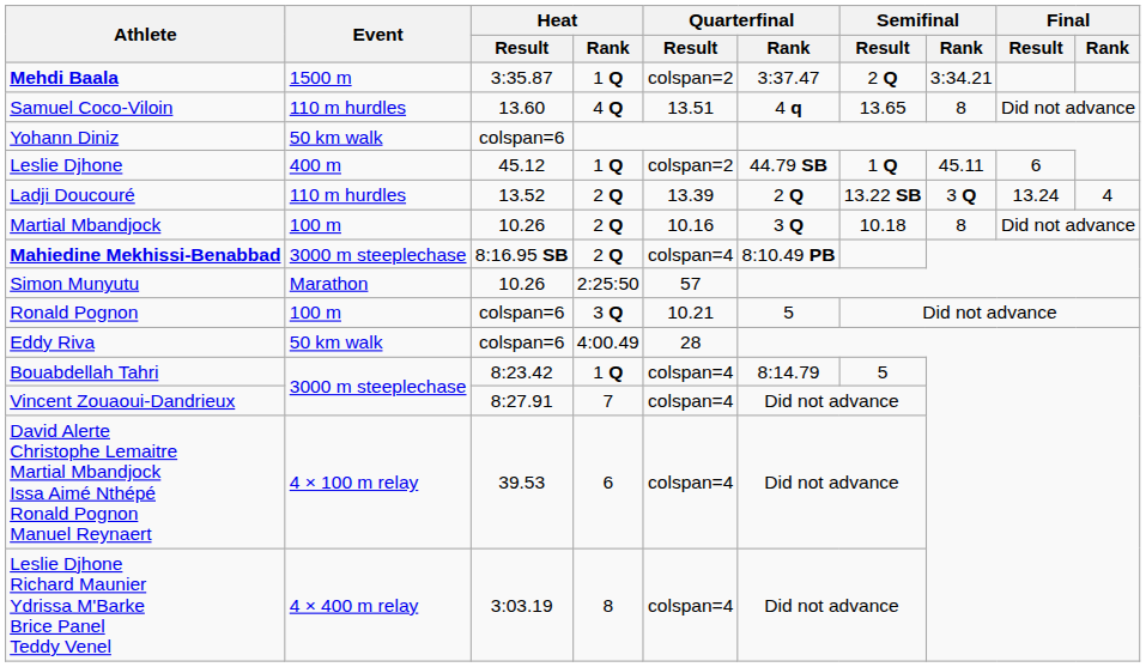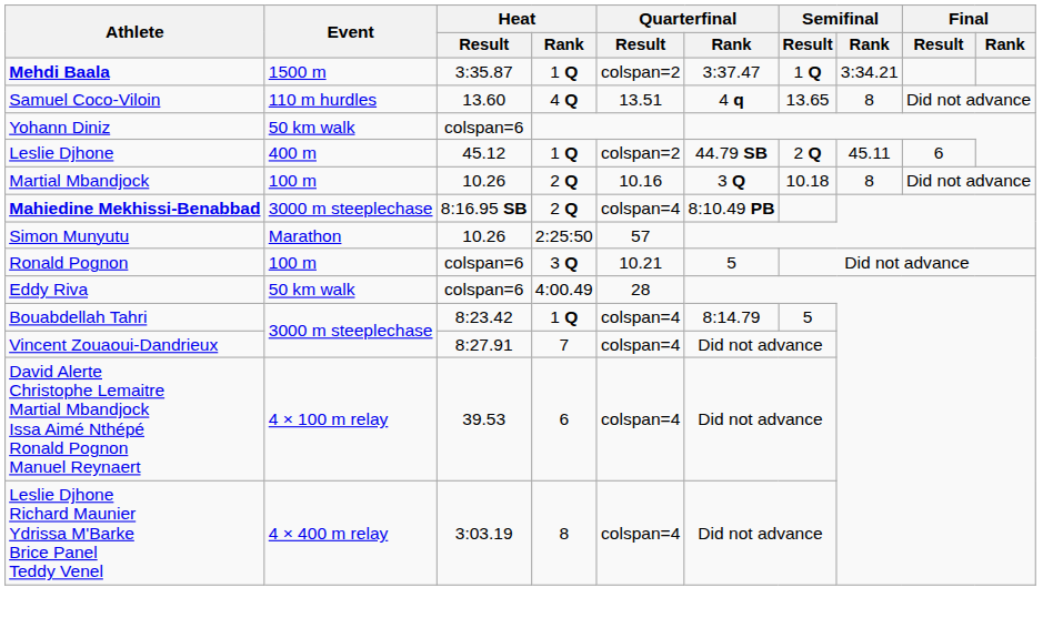 <table class=wikitable style="font-size:90%">
 <tr>
 <th rowspan="2">Athlete</th>
 <th rowspan="2">Event</th>
 <th colspan="2">Heat</th>
 <th colspan="2">Quarterfinal</th>
 <th colspan="2">Semifinal</th>
 <th colspan="2">Final</th>
 </tr>
 <tr style="font-size:95%">
 <th>Result</th>
 <th>Rank</th>
 <th>Result</th>
 <th>Rank</th>
 <th>Result</th>
 <th>Rank</th>
 <th>Result</th>
 <th>Rank</th>
 </tr>
 <tr align=center>
 <td align=left><strong><a href='#'>Mehdi Baala</a></strong></td>
 <td align=left><a href='#'>1500 m</a></td>
 <td>3:35.87</td>
 <td>1 <strong>Q</strong></td>
 <td>colspan=2 </td>
 <td>3:37.47</td>
-<td>2 <strong>Q</strong></td>
+<td>1 <strong>Q</strong></td>
 <td>3:34.21</td>
 <td></td>
 </tr>
 <tr align=center>
 <td align=left><a href='#'>Samuel Coco-Viloin</a></td>
 <td align=left><a href='#'>110 m hurdles</a></td>
 <td>13.60</td>
 <td>4 <strong>Q</strong></td>
 <td>13.51</td>
 <td>4 <strong>q</strong></td>
 <td>13.65</td>
 <td>8</td>
 <td colspan=2>Did not advance</td>
 </tr>
 <tr align=center>
 <td align=left><a href='#'>Yohann Diniz</a></td>
 <td align=left><a href='#'>50 km walk</a></td>
 <td>colspan=6 </td>
 <td colspan=2></td>
 </tr>
 <tr align=center>
 <td align=left><a href='#'>Leslie Djhone</a></td>
 <td align=left><a href='#'>400 m</a></td>
 <td>45.12</td>
 <td>1 <strong>Q</strong></td>
 <td>colspan=2 </td>
 <td>44.79 <strong>SB</strong></td>
-<td>1 <strong>Q</strong></td>
+<td>2 <strong>Q</strong></td>
 <td>45.11</td>
 <td>6</td>
-</tr>
-<tr align=center>
-<td align=left><a href='#'>Ladji Doucouré</a></td>
-<td align=left><a href='#'>110 m hurdles</a></td>
-<td>13.52</td>
-<td>2 <strong>Q</strong></td>
-<td>13.39</td>
-<td>2 <strong>Q</strong></td>
-<td>13.22 <strong>SB</strong></td>
-<td>3 <strong>Q</strong></td>
-<td>13.24</td>
-<td>4</td>
 </tr>
 <tr align=center>
 <td align=left><a href='#'>Martial Mbandjock</a></td>
 <td align=left><a href='#'>100 m</a></td>
 <td>10.26</td>
 <td>2 <strong>Q</strong></td>
 <td>10.16</td>
 <td>3 <strong>Q</strong></td>
 <td>10.18</td>
 <td>8</td>
 <td colspan=2>Did not advance</td>
 </tr>
 <tr align=center>
 <td align=left><strong><a href='#'>Mahiedine Mekhissi-Benabbad</a></strong></td>
 <td align=left><a href='#'>3000 m steeplechase</a></td>
 <td>8:16.95 <strong>SB</strong></td>
 <td>2 <strong>Q</strong></td>
 <td>colspan=4 </td>
 <td>8:10.49 <strong>PB</strong></td>
 <td></td>
 </tr>
 <tr align=center>
 <td align=left><a href='#'>Simon Munyutu</a></td>
 <td align=left><a href='#'>Marathon</a></td>
 <td>10.26</td>
 <td>2:25:50</td>
 <td>57</td>
 </tr>
 <tr align=center>
 <td align=left><a href='#'>Ronald Pognon</a></td>
 <td align=left><a href='#'>100 m</a></td>
 <td>colspan=6 </td>
 <td>3 <strong>Q</strong></td>
 <td>10.21</td>
 <td>5</td>
 <td colspan=4>Did not advance</td>
 </tr>
 <tr align=center>
 <td align=left><a href='#'>Eddy Riva</a></td>
 <td align=left><a href='#'>50 km walk</a></td>
 <td>colspan=6 </td>
 <td>4:00.49</td>
 <td>28</td>
 </tr>
 <tr align=center>
 <td align=left><a href='#'>Bouabdellah Tahri</a></td>
 <td align=left rowspan=2><a href='#'>3000 m steeplechase</a></td>
 <td>8:23.42</td>
 <td>1 <strong>Q</strong></td>
 <td>colspan=4 </td>
 <td>8:14.79</td>
 <td>5</td>
 </tr>
 <tr align=center>
 <td align=left><a href='#'>Vincent Zouaoui-Dandrieux</a></td>
 <td>8:27.91</td>
 <td>7</td>
 <td>colspan=4 </td>
 <td colspan=2>Did not advance</td>
 </tr>
 <tr align=center>
 <td align=left><a href='#'>David Alerte</a><br><a href='#'>Christophe Lemaitre</a><br><a href='#'>Martial Mbandjock</a><br><a href='#'>Issa Aimé Nthépé</a><br><a href='#'>Ronald Pognon</a><br><a href='#'>Manuel Reynaert</a></td>
 <td align=left><a href='#'>4 × 100 m relay</a></td>
 <td>39.53</td>
 <td>6</td>
 <td>colspan=4 </td>
 <td colspan=2>Did not advance</td>
 </tr>
 <tr align=center>
 <td align=left><a href='#'>Leslie Djhone</a><br><a href='#'>Richard Maunier</a><br><a href='#'>Ydrissa M'Barke</a><br><a href='#'>Brice Panel</a><br><a href='#'>Teddy Venel</a></td>
 <td align=left><a href='#'>4 × 400 m relay</a></td>
 <td>3:03.19</td>
 <td>8</td>
 <td>colspan=4 </td>
 <td colspan=2>Did not advance</td>
 </tr>
 </table>
